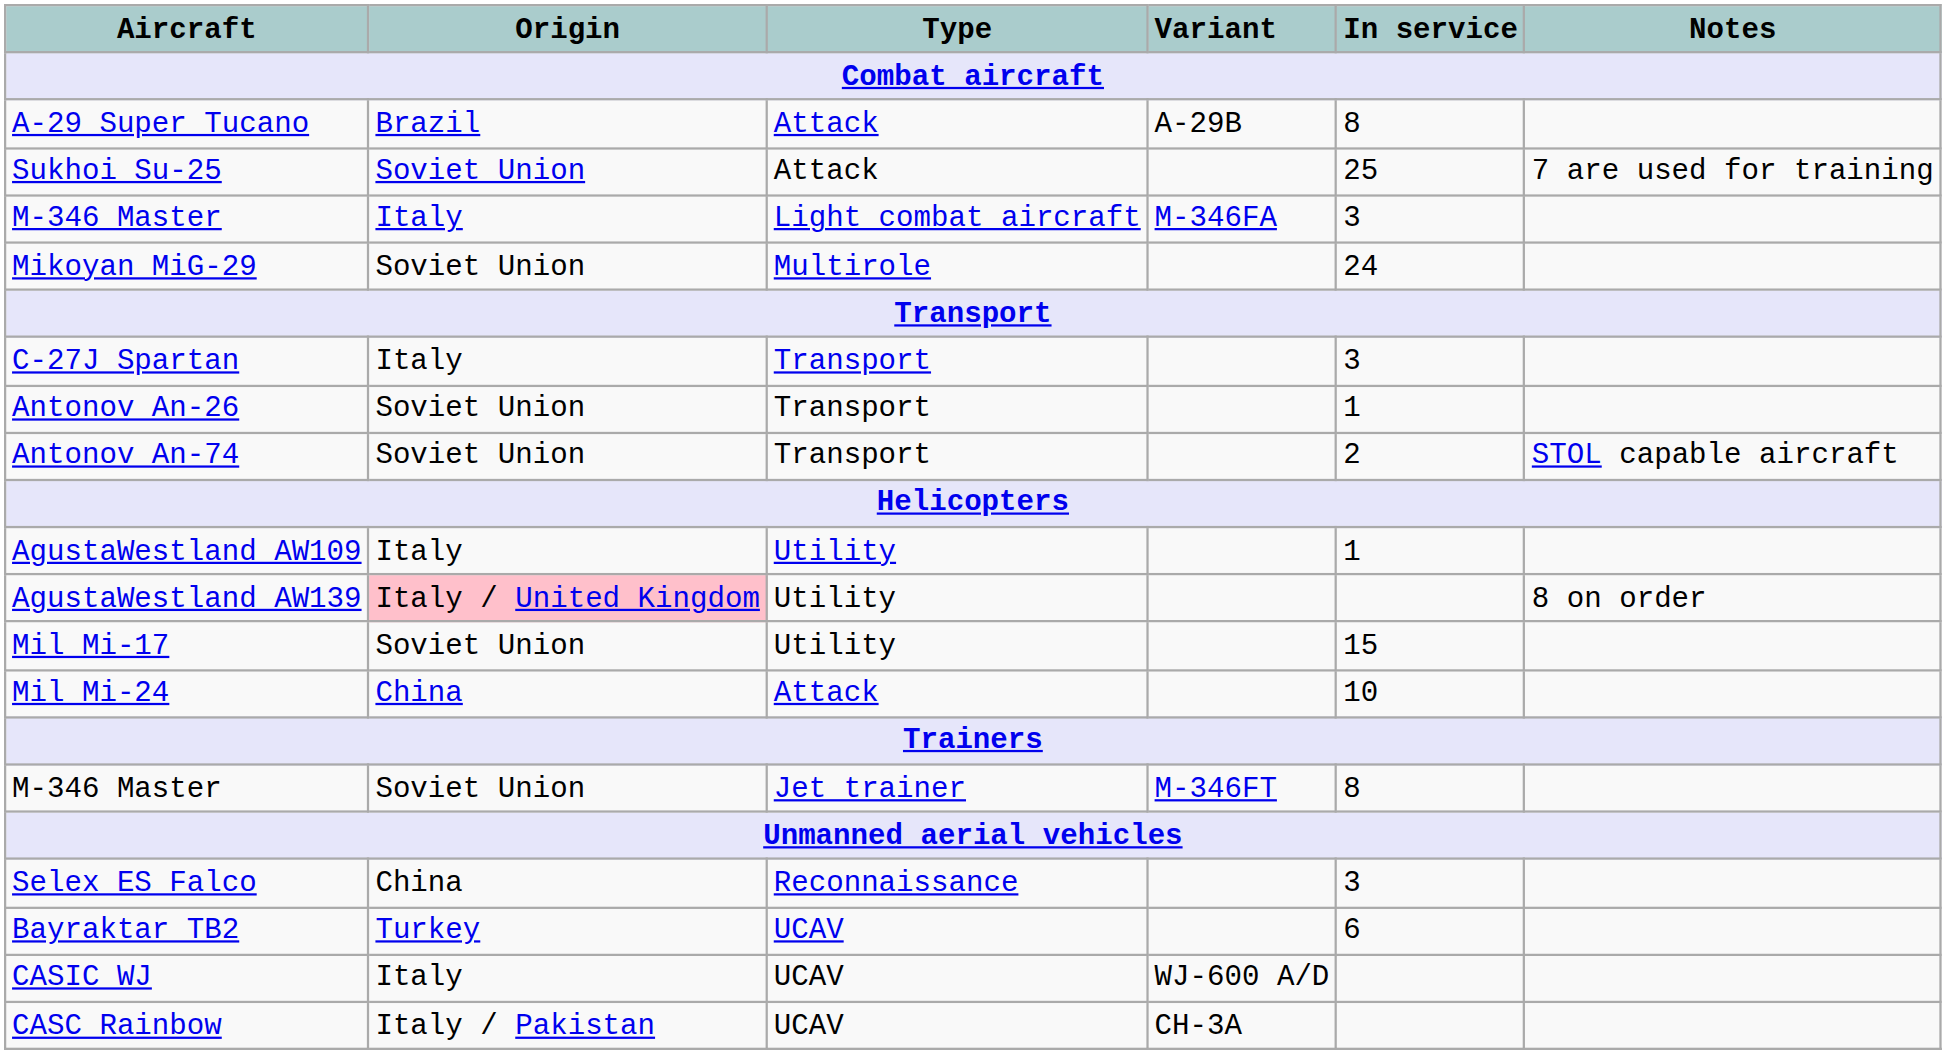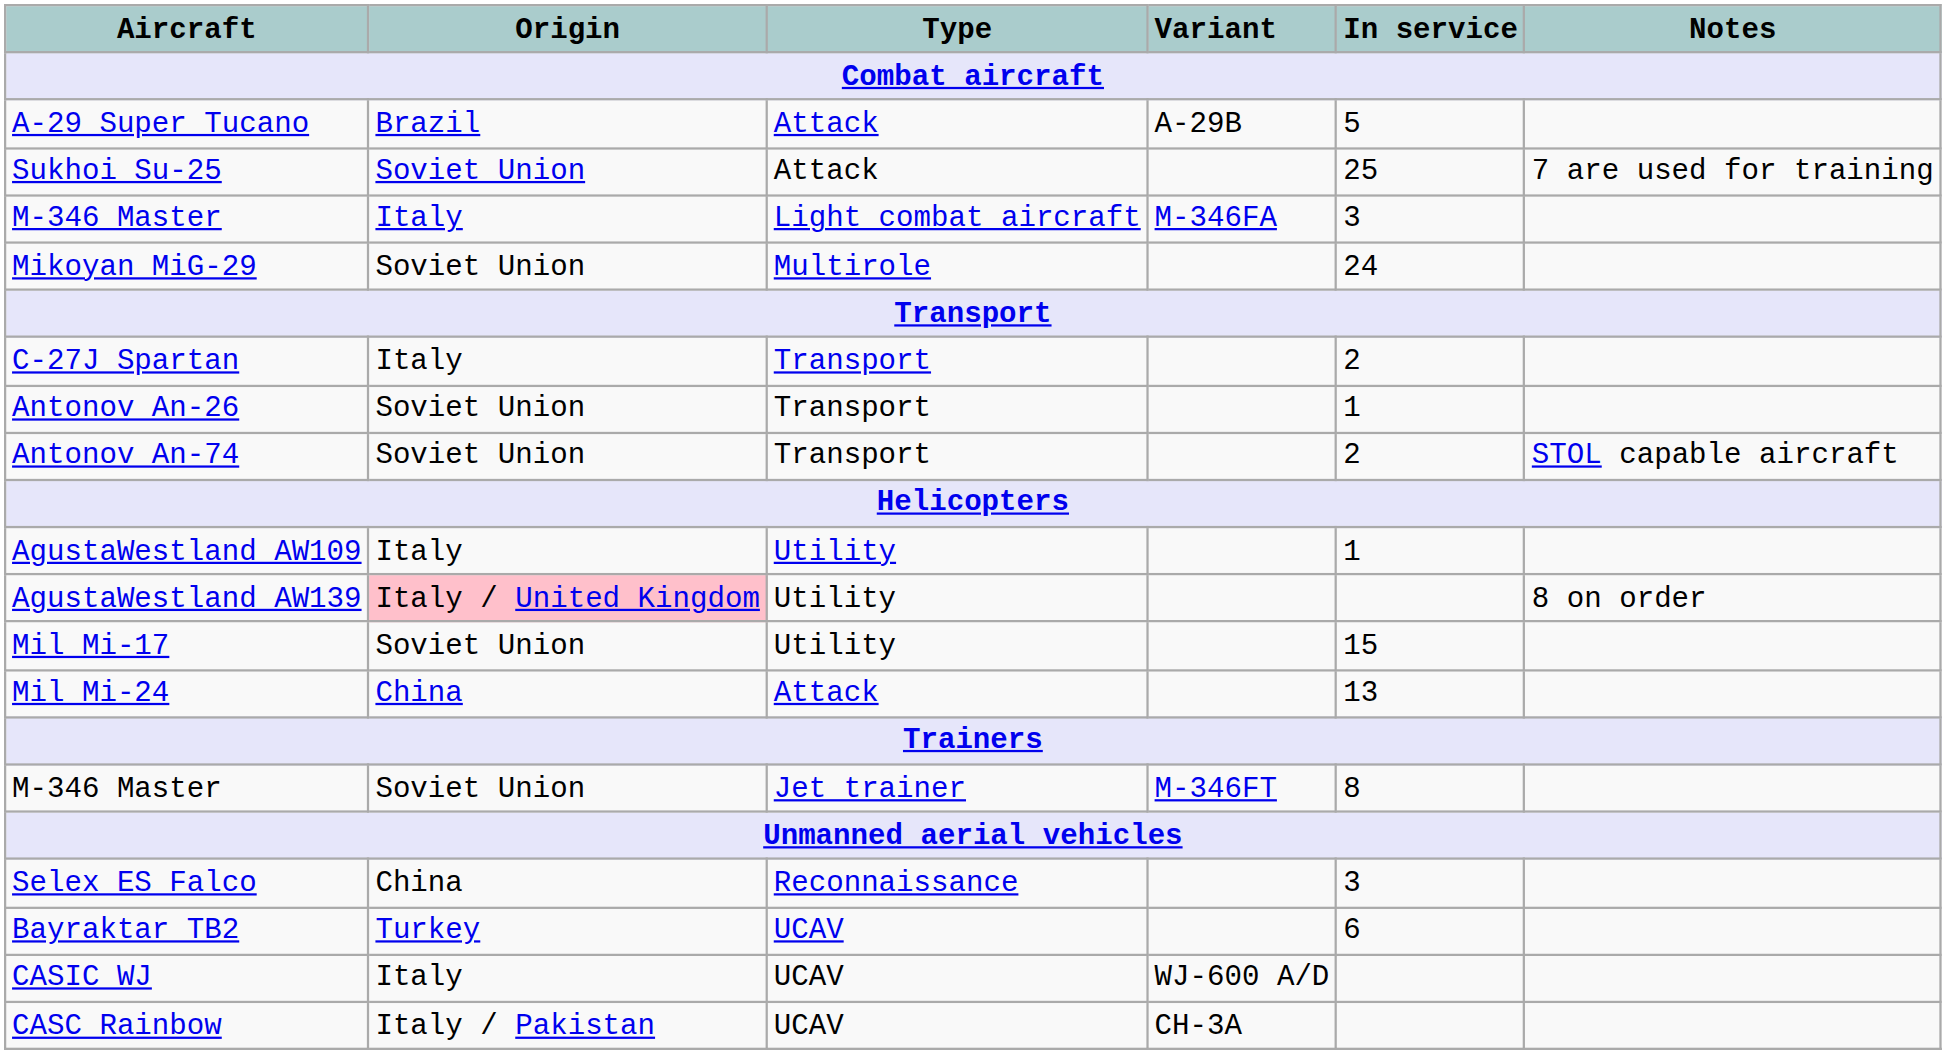 <table class="wikitable">
 <tr>
 <th style="text-align:center; background:#acc;">Aircraft</th>
 <th style="text-align: center; background:#acc;">Origin</th>
 <th style="text-align:l center; background:#acc;">Type</th>
 <th style="text-align:left; background:#acc;">Variant</th>
 <th style="text-align:center; background:#acc;">In service</th>
 <th style="text-align: center; background:#acc;">Notes</th>
 </tr>
 <tr>
 <th colspan="6" style="align: center; background: lavender;"><a href='#'>Combat aircraft</a></th>
 </tr>
 <tr>
 <td><a href='#'>A-29 Super Tucano</a></td>
 <td><a href='#'>Brazil</a></td>
 <td><a href='#'>Attack</a></td>
 <td>A-29B</td>
-<td>8</td>
+<td>5</td>
 <td></td>
 </tr>
 <tr>
 <td><a href='#'>Sukhoi Su-25</a></td>
 <td><a href='#'>Soviet Union</a></td>
 <td>Attack</td>
 <td></td>
 <td>25</td>
 <td>7 are used for training</td>
 </tr>
 <tr>
 <td><a href='#'>M-346 Master</a></td>
 <td><a href='#'>Italy</a></td>
 <td><a href='#'>Light combat aircraft</a></td>
 <td><a href='#'>M-346FA</a></td>
 <td>3</td>
 <td></td>
 </tr>
 <tr>
 <td><a href='#'>Mikoyan MiG-29</a></td>
 <td>Soviet Union</td>
 <td><a href='#'>Multirole</a></td>
 <td></td>
 <td>24</td>
 <td></td>
 </tr>
 <tr>
 <th colspan="6" style="align: center; background: lavender;"><a href='#'>Transport</a></th>
 </tr>
 <tr>
 <td><a href='#'>C-27J Spartan</a></td>
 <td>Italy</td>
 <td><a href='#'>Transport</a></td>
 <td></td>
-<td>3</td>
+<td>2</td>
 <td></td>
 </tr>
 <tr>
 <td><a href='#'>Antonov An-26</a></td>
 <td>Soviet Union</td>
 <td>Transport</td>
 <td></td>
 <td>1</td>
 <td></td>
 </tr>
 <tr>
 <td><a href='#'>Antonov An-74</a></td>
 <td>Soviet Union</td>
 <td>Transport</td>
 <td></td>
 <td>2</td>
 <td><a href='#'>STOL</a> capable aircraft</td>
 </tr>
 <tr>
 <th colspan="6" style="align: center; background: lavender;"><a href='#'>Helicopters</a></th>
 </tr>
 <tr>
 <td><a href='#'>AgustaWestland AW109</a></td>
 <td>Italy</td>
 <td><a href='#'>Utility</a></td>
 <td></td>
 <td>1</td>
 <td></td>
 </tr>
 <tr>
 <td><a href='#'>AgustaWestland AW139</a></td>
 <td style="background: pink;">Italy / <a href='#'>United Kingdom</a></td>
 <td>Utility</td>
 <td></td>
 <td></td>
 <td>8 on order</td>
 </tr>
 <tr>
 <td><a href='#'>Mil Mi-17</a></td>
 <td>Soviet Union</td>
 <td>Utility</td>
 <td></td>
 <td>15</td>
 <td></td>
 </tr>
 <tr>
 <td><a href='#'>Mil Mi-24</a></td>
 <td><a href='#'>China</a></td>
 <td><a href='#'>Attack</a></td>
 <td></td>
-<td>10</td>
+<td>13</td>
 <td></td>
 </tr>
 <tr>
 <th colspan="6" style="align: center; background: lavender;"><a href='#'>Trainers</a></th>
 </tr>
 <tr>
 <td>M-346 Master</td>
 <td>Soviet Union</td>
 <td><a href='#'>Jet trainer</a></td>
 <td><a href='#'>M-346FT</a></td>
 <td>8</td>
 <td></td>
 </tr>
 <tr>
 <th colspan="6" style="align: center; background: lavender;"><a href='#'>Unmanned aerial vehicles</a></th>
 </tr>
 <tr>
 <td><a href='#'>Selex ES Falco</a></td>
 <td>China</td>
 <td><a href='#'>Reconnaissance</a></td>
 <td></td>
 <td>3</td>
 <td></td>
 </tr>
 <tr>
 <td><a href='#'>Bayraktar TB2</a></td>
 <td><a href='#'>Turkey</a></td>
 <td><a href='#'>UCAV</a></td>
 <td></td>
 <td>6</td>
 <td></td>
 </tr>
 <tr>
 <td><a href='#'>CASIC WJ</a></td>
 <td>Italy</td>
 <td>UCAV</td>
 <td>WJ-600 A/D</td>
 <td></td>
 <td></td>
 </tr>
 <tr>
 <td><a href='#'>CASC Rainbow</a></td>
 <td>Italy / <a href='#'>Pakistan</a></td>
 <td>UCAV</td>
 <td>CH-3A</td>
 <td></td>
 <td></td>
 </tr>
 <tr>
 </tr>
 </table>
